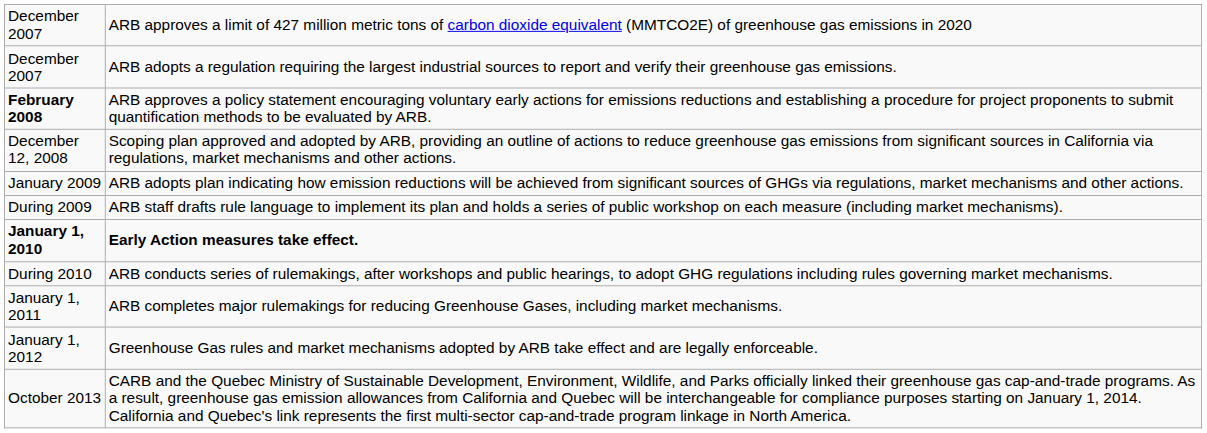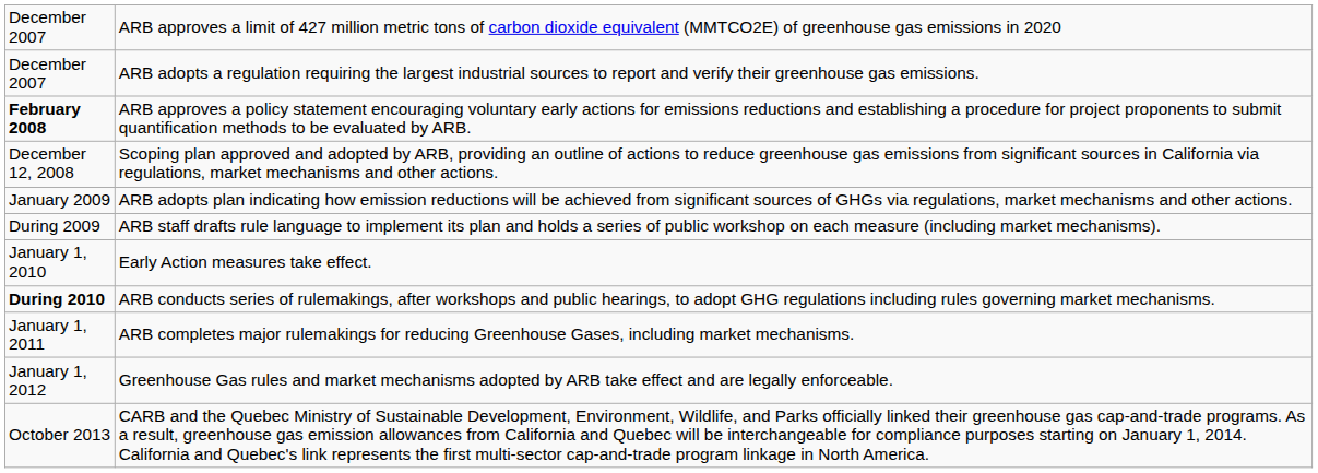 <table class="wikitable">
 <tr>
 <td>December 2007</td>
 <td>ARB approves a limit of 427 million metric tons of <a href='#'>carbon dioxide equivalent</a> (MMTCO2E) of greenhouse gas emissions in 2020</td>
 </tr>
 <tr>
 <td>December 2007</td>
 <td>ARB adopts a regulation requiring the largest industrial sources to report and verify their greenhouse gas emissions.</td>
 </tr>
 <tr>
 <td><strong>February 2008</strong></td>
 <td>ARB approves a policy statement encouraging voluntary early actions for emissions reductions and establishing a procedure for project proponents to submit quantification methods to be evaluated by ARB.</td>
 </tr>
 <tr>
 <td>December 12, 2008</td>
 <td>Scoping plan approved and adopted by ARB, providing an outline of actions to reduce greenhouse gas emissions from significant sources in California via regulations, market mechanisms and other actions.</td>
 </tr>
 <tr>
 <td>January 2009</td>
 <td>ARB adopts plan indicating how emission reductions will be achieved from significant sources of GHGs via regulations, market mechanisms and other actions.</td>
 </tr>
 <tr>
 <td>During 2009</td>
 <td>ARB staff drafts rule language to implement its plan and holds a series of public workshop on each measure (including market mechanisms).</td>
 </tr>
 <tr>
-<td><strong>January 1, 2010</strong></td>
-<td><strong>Early Action measures take effect.</strong></td>
+<td>January 1, 2010</td>
+<td>Early Action measures take effect.</td>
 </tr>
 <tr>
-<td>During 2010</td>
+<td><strong>During 2010</strong></td>
 <td>ARB conducts series of rulemakings, after workshops and public hearings, to adopt GHG regulations including rules governing market mechanisms.</td>
 </tr>
 <tr>
 <td>January 1, 2011</td>
 <td>ARB completes major rulemakings for reducing Greenhouse Gases, including market mechanisms.</td>
 </tr>
 <tr>
 <td>January 1, 2012</td>
 <td>Greenhouse Gas rules and market mechanisms adopted by ARB take effect and are legally enforceable.</td>
 </tr>
 <tr>
 <td>October 2013</td>
 <td>CARB and the Quebec Ministry of Sustainable Development, Environment, Wildlife, and Parks officially linked their greenhouse gas cap-and-trade programs. As a result, greenhouse gas emission allowances from California and Quebec will be interchangeable for compliance purposes starting on January 1, 2014. California and Quebec's link represents the first multi-sector cap-and-trade program linkage in North America.<br></td>
 </tr>
 </table>
